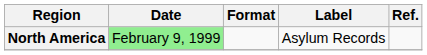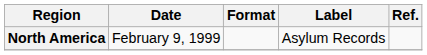 <table class="wikitable plainrowheaders">
 <tr>
 <th scope="col">Region</th>
 <th scope="col">Date</th>
 <th scope="col">Format</th>
 <th scope="col">Label</th>
 <th scope="col">Ref.</th>
 </tr>
 <tr>
 <th scope="row">North America</th>
-<td style="background: lightgreen;">February 9, 1999</td>
+<td>February 9, 1999</td>
 <td></td>
 <td>Asylum Records</td>
 <td></td>
 </tr>
 <tr>
 </tr>
 </table>
